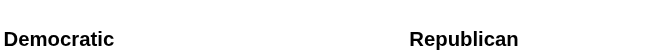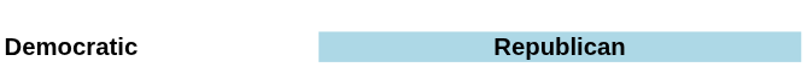 <table style="width:40em; text-align:center">
 <tr style="color:white">
 <td style="background:"><strong>50</strong></td>
 <td style="background:"><strong>50</strong></td>
 </tr>
 <tr>
 <td><span><strong>Democratic</strong></span></td>
-<td><span><strong>Republican</strong></span></td>
+<td style="background: lightblue;"><span><strong>Republican</strong></span></td>
 </tr>
 </table>
